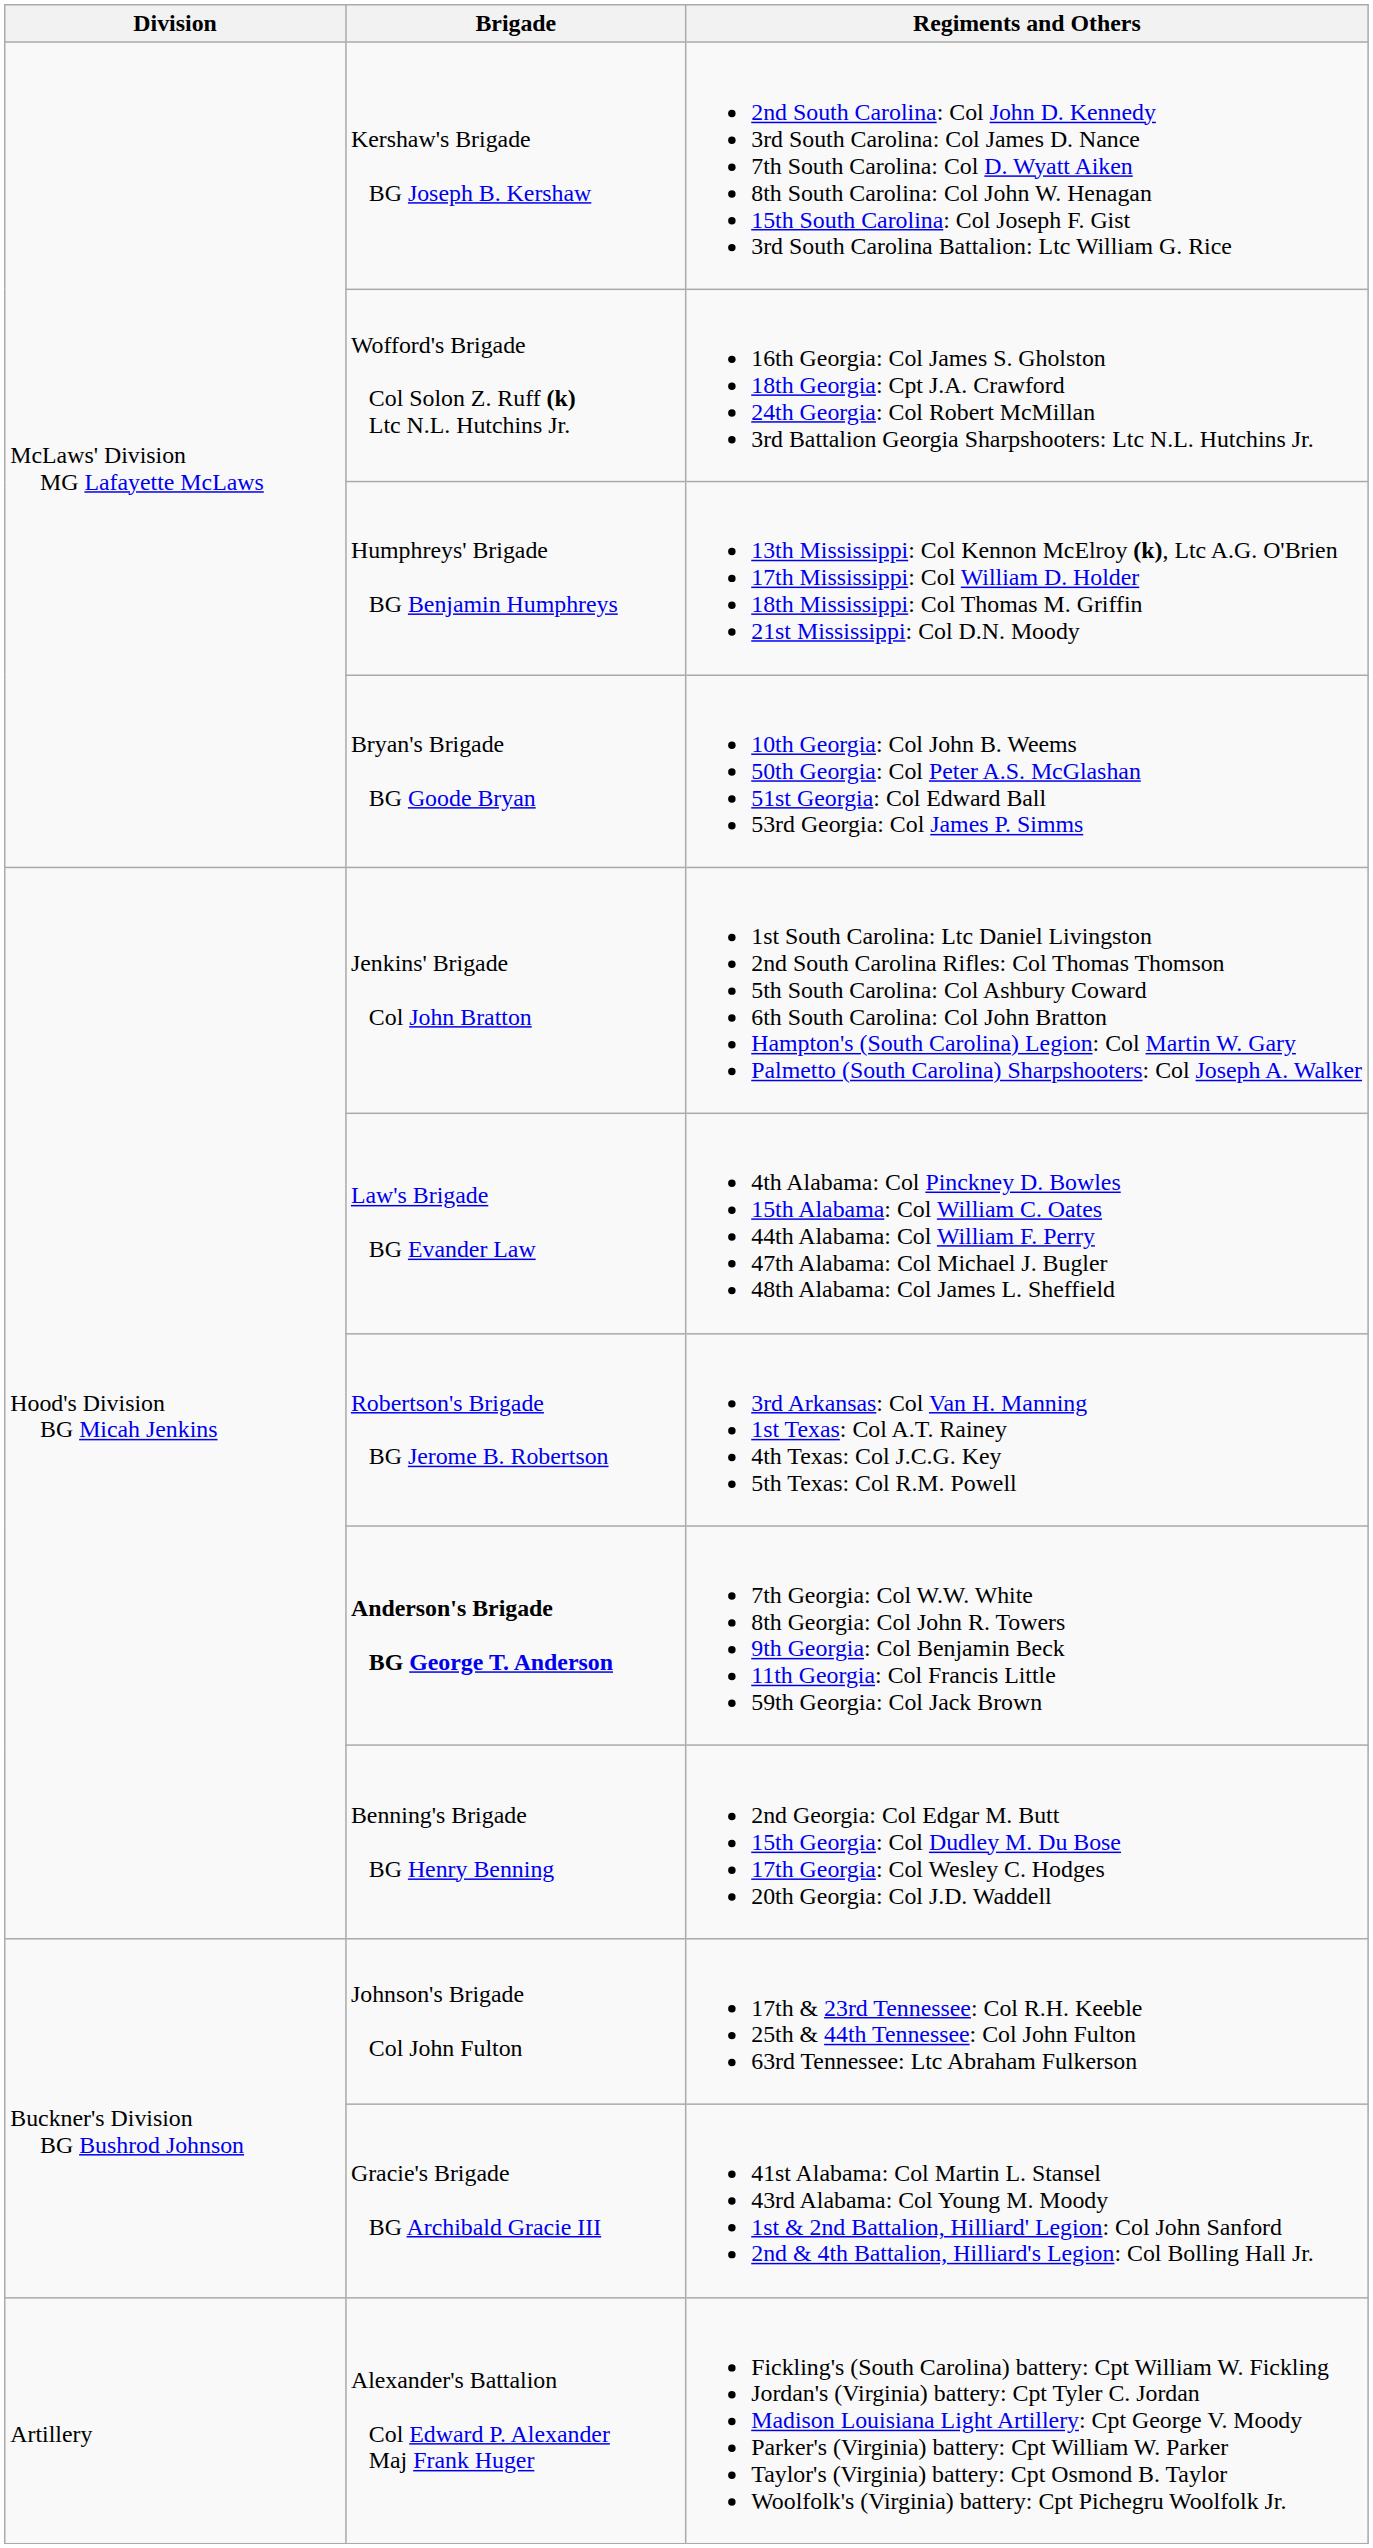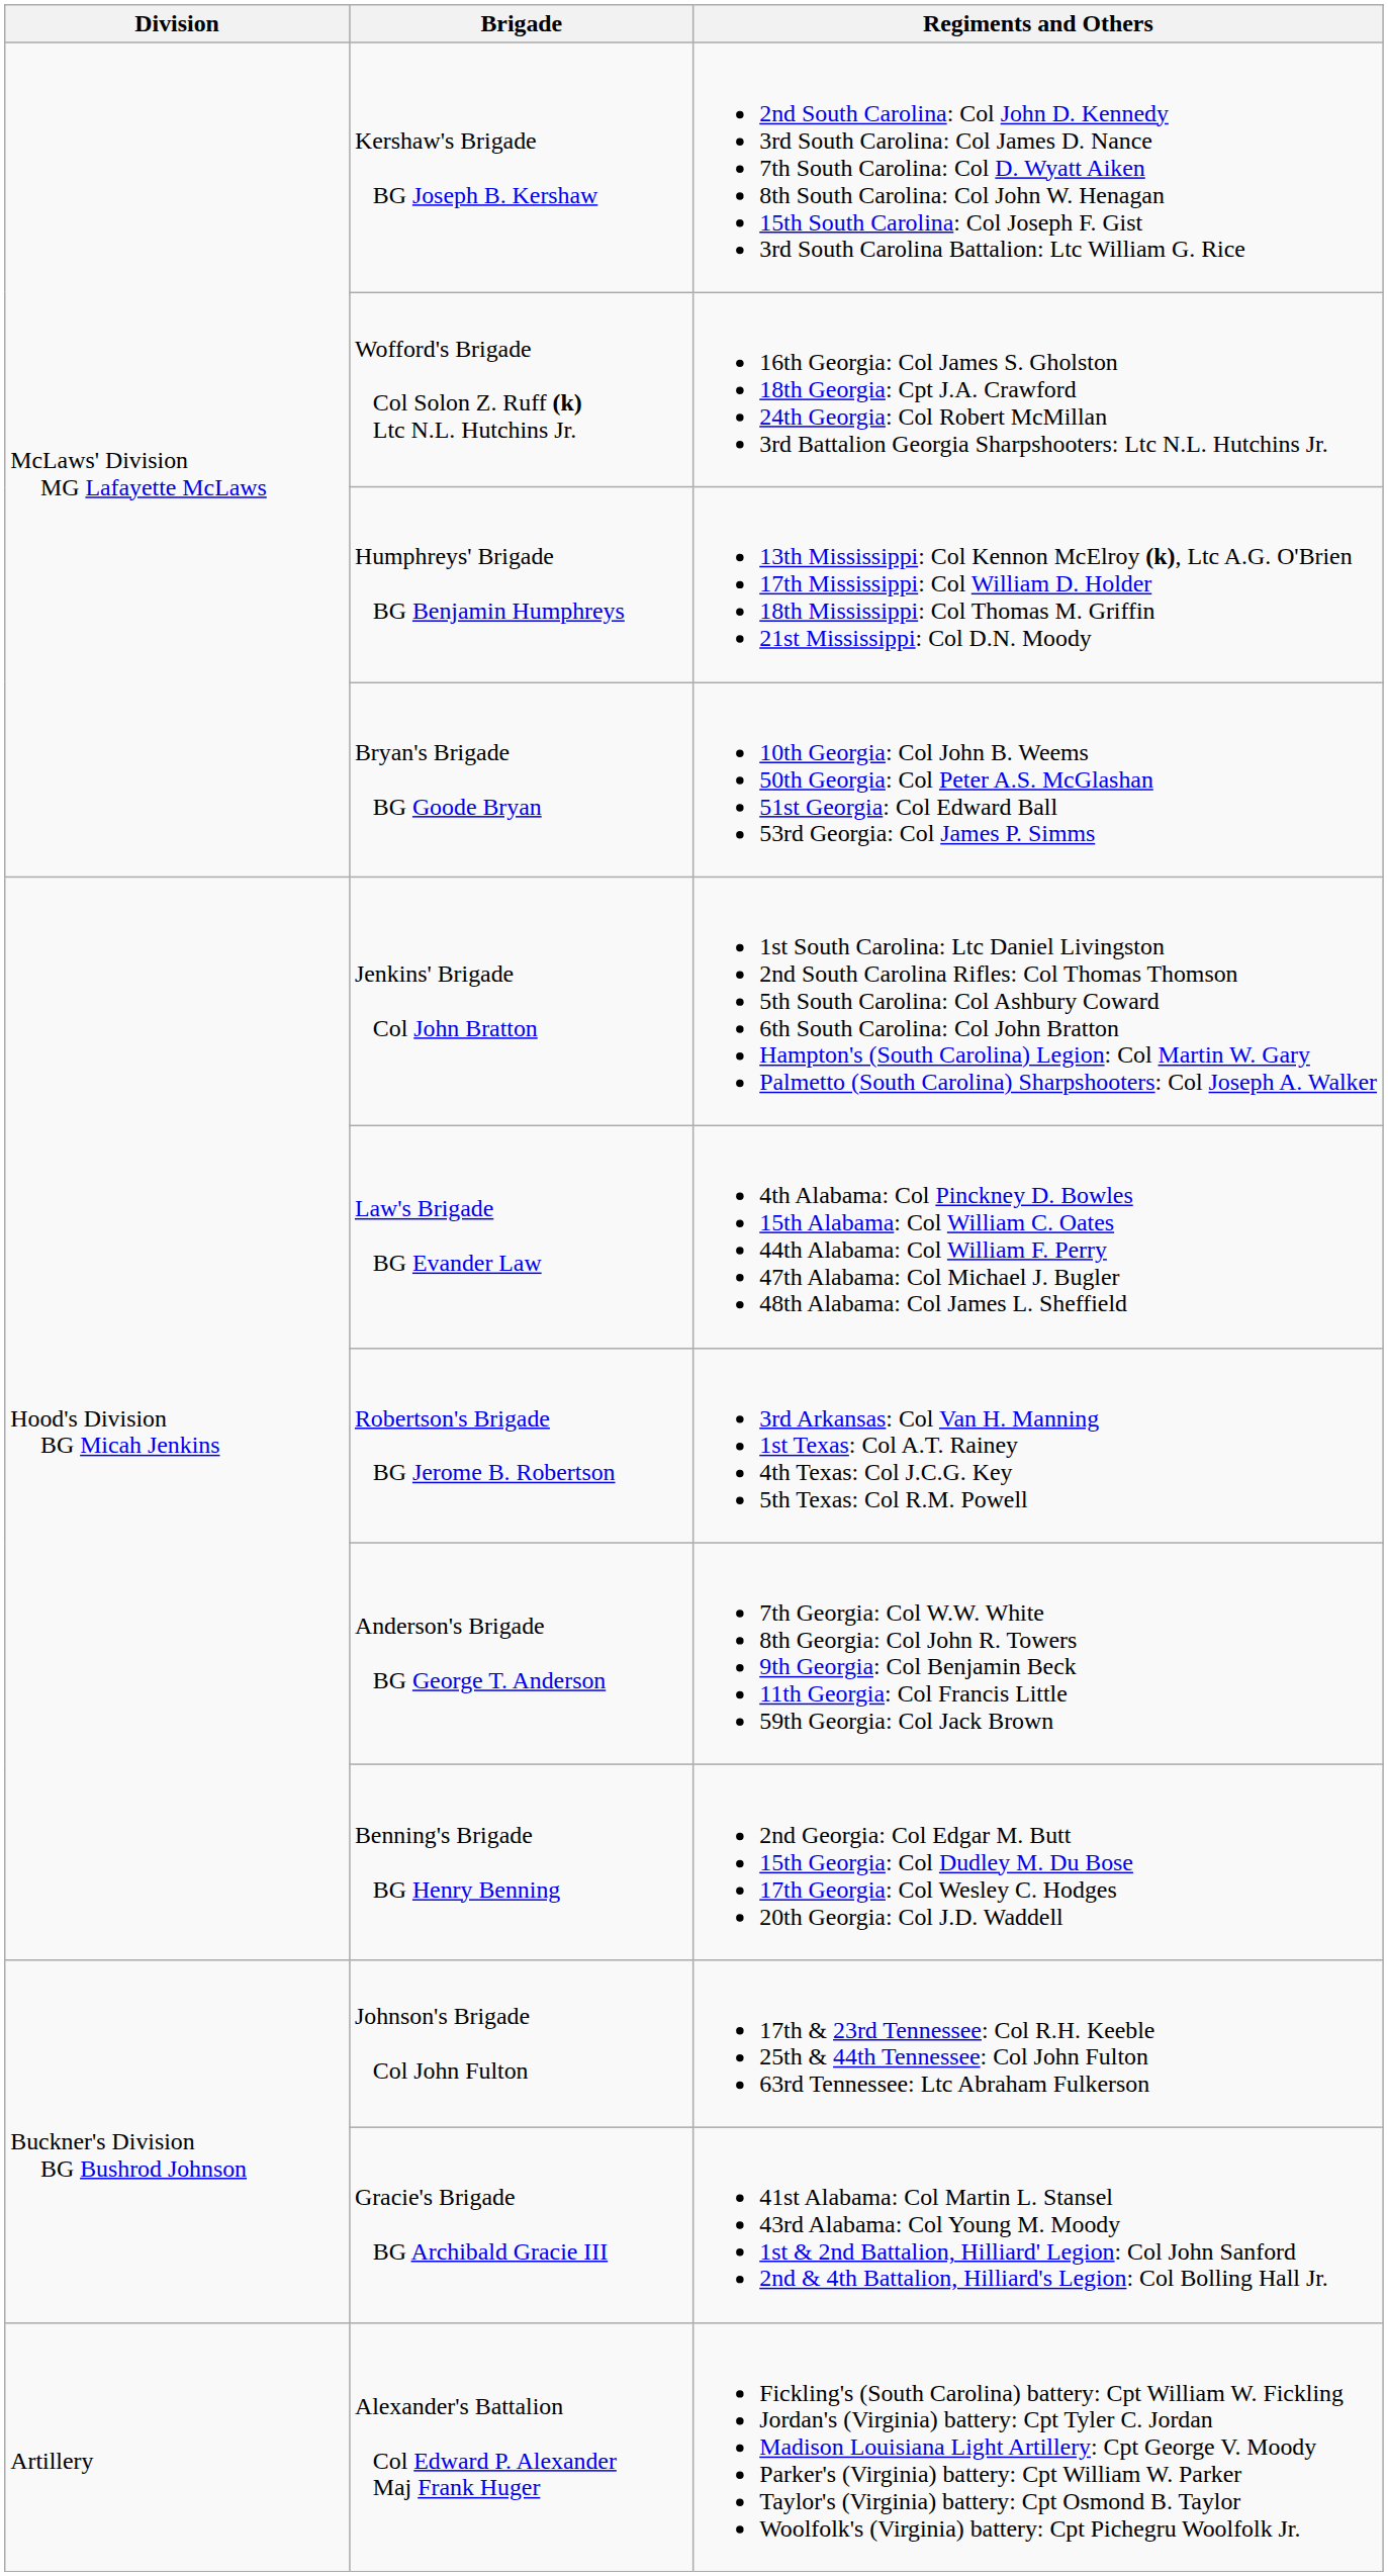 <table class="wikitable">
 <tr>
 <th width=25%>Division</th>
 <th width=25%>Brigade</th>
 <th>Regiments and Others</th>
 </tr>
 <tr>
 <td rowspan=4><br>McLaws' Division  <br>     MG <a href='#'>Lafayette McLaws</a> <br></td>
 <td>Kershaw's Brigade<br><br>   BG <a href='#'>Joseph B. Kershaw</a></td>
 <td><br><ul><li><a href='#'>2nd South Carolina</a>: Col <a href='#'>John D. Kennedy</a></li><li>3rd South Carolina: Col James D. Nance</li><li>7th South Carolina: Col <a href='#'>D. Wyatt Aiken</a></li><li>8th South Carolina: Col John W. Henagan</li><li><a href='#'>15th South Carolina</a>: Col Joseph F. Gist</li><li>3rd South Carolina Battalion: Ltc William G. Rice</li></ul></td>
 </tr>
 <tr>
 <td>Wofford's Brigade<br><br>   Col Solon Z. Ruff <strong>(k)</strong><br>   Ltc N.L. Hutchins Jr.</td>
 <td><br><ul><li>16th Georgia: Col James S. Gholston</li><li><a href='#'>18th Georgia</a>: Cpt J.A. Crawford</li><li><a href='#'>24th Georgia</a>: Col Robert McMillan</li><li>3rd Battalion Georgia Sharpshooters: Ltc N.L. Hutchins Jr.</li></ul></td>
 </tr>
 <tr>
 <td>Humphreys' Brigade<br><br>   BG <a href='#'>Benjamin Humphreys</a></td>
 <td><br><ul><li><a href='#'>13th Mississippi</a>: Col Kennon McElroy <strong>(k)</strong>, Ltc A.G. O'Brien</li><li><a href='#'>17th Mississippi</a>: Col <a href='#'>William D. Holder</a></li><li><a href='#'>18th Mississippi</a>: Col Thomas M. Griffin</li><li><a href='#'>21st Mississippi</a>: Col D.N. Moody</li></ul></td>
 </tr>
 <tr>
 <td>Bryan's Brigade<br><br>   BG <a href='#'>Goode Bryan</a></td>
 <td><br><ul><li><a href='#'>10th Georgia</a>: Col John B. Weems</li><li><a href='#'>50th Georgia</a>: Col <a href='#'>Peter A.S. McGlashan</a></li><li><a href='#'>51st Georgia</a>: Col Edward Ball</li><li>53rd Georgia: Col <a href='#'>James P. Simms</a></li></ul></td>
 </tr>
 <tr>
 <td rowspan=5><br>Hood's Division <br>     BG <a href='#'>Micah Jenkins</a></td>
 <td>Jenkins' Brigade<br><br>   Col <a href='#'>John Bratton</a></td>
 <td><br><ul><li>1st South Carolina: Ltc Daniel Livingston</li><li>2nd South Carolina Rifles: Col Thomas Thomson</li><li>5th South Carolina: Col Ashbury Coward</li><li>6th South Carolina: Col John Bratton</li><li><a href='#'>Hampton's (South Carolina) Legion</a>: Col <a href='#'>Martin W. Gary</a></li><li><a href='#'>Palmetto (South Carolina) Sharpshooters</a>: Col <a href='#'>Joseph A. Walker</a></li></ul></td>
 </tr>
 <tr>
 <td><a href='#'>Law's Brigade</a><br><br>   BG <a href='#'>Evander Law</a></td>
 <td><br><ul><li>4th Alabama: Col <a href='#'>Pinckney D. Bowles</a></li><li><a href='#'>15th Alabama</a>: Col <a href='#'>William C. Oates</a></li><li>44th Alabama: Col <a href='#'>William F. Perry</a></li><li>47th Alabama: Col Michael J. Bugler</li><li>48th Alabama: Col James L. Sheffield</li></ul></td>
 </tr>
 <tr>
 <td><a href='#'>Robertson's Brigade</a><br><br>   BG <a href='#'>Jerome B. Robertson</a></td>
 <td><br><ul><li><a href='#'>3rd Arkansas</a>: Col <a href='#'>Van H. Manning</a></li><li><a href='#'>1st Texas</a>: Col A.T. Rainey</li><li>4th Texas: Col J.C.G. Key</li><li>5th Texas: Col R.M. Powell</li></ul></td>
 </tr>
 <tr>
-<td><strong>Anderson's Brigade<br><br>   BG <a href='#'>George T. Anderson</a></strong></td>
+<td>Anderson's Brigade<br><br>   BG <a href='#'>George T. Anderson</a></td>
 <td><br><ul><li>7th Georgia: Col W.W. White</li><li>8th Georgia: Col John R. Towers</li><li><a href='#'>9th Georgia</a>: Col Benjamin Beck</li><li><a href='#'>11th Georgia</a>: Col Francis Little</li><li>59th Georgia: Col Jack Brown</li></ul></td>
 </tr>
 <tr>
 <td>Benning's Brigade<br><br>   BG <a href='#'>Henry Benning</a></td>
 <td><br><ul><li>2nd Georgia: Col Edgar M. Butt</li><li><a href='#'>15th Georgia</a>: Col <a href='#'>Dudley M. Du Bose</a></li><li><a href='#'>17th Georgia</a>: Col Wesley C. Hodges</li><li>20th Georgia: Col J.D. Waddell</li></ul></td>
 </tr>
 <tr>
 <td rowspan=2><br>Buckner's Division <br>     BG <a href='#'>Bushrod Johnson</a></td>
 <td>Johnson's Brigade<br><br>   Col John Fulton</td>
 <td><br><ul><li>17th & <a href='#'>23rd Tennessee</a>: Col R.H. Keeble</li><li>25th & <a href='#'>44th Tennessee</a>: Col John Fulton</li><li>63rd Tennessee: Ltc Abraham Fulkerson</li></ul></td>
 </tr>
 <tr>
 <td>Gracie's Brigade<br><br>   BG <a href='#'>Archibald Gracie III</a></td>
 <td><br><ul><li>41st Alabama: Col Martin L. Stansel</li><li>43rd Alabama: Col Young M. Moody</li><li><a href='#'>1st & 2nd Battalion, Hilliard' Legion</a>: Col John Sanford</li><li><a href='#'>2nd & 4th Battalion, Hilliard's Legion</a>: Col Bolling Hall Jr.</li></ul></td>
 </tr>
 <tr>
 <td rowspan=1><br>Artillery</td>
 <td>Alexander's Battalion<br><br>   Col <a href='#'>Edward P. Alexander</a> <br>   Maj <a href='#'>Frank Huger</a></td>
 <td><br><ul><li>Fickling's (South Carolina) battery: Cpt William W. Fickling</li><li>Jordan's (Virginia) battery: Cpt Tyler C. Jordan</li><li><a href='#'>Madison Louisiana Light Artillery</a>: Cpt George V. Moody</li><li>Parker's (Virginia) battery: Cpt William W. Parker</li><li>Taylor's (Virginia) battery: Cpt Osmond B. Taylor</li><li>Woolfolk's (Virginia) battery: Cpt Pichegru Woolfolk Jr.</li></ul></td>
 </tr>
 </table>
